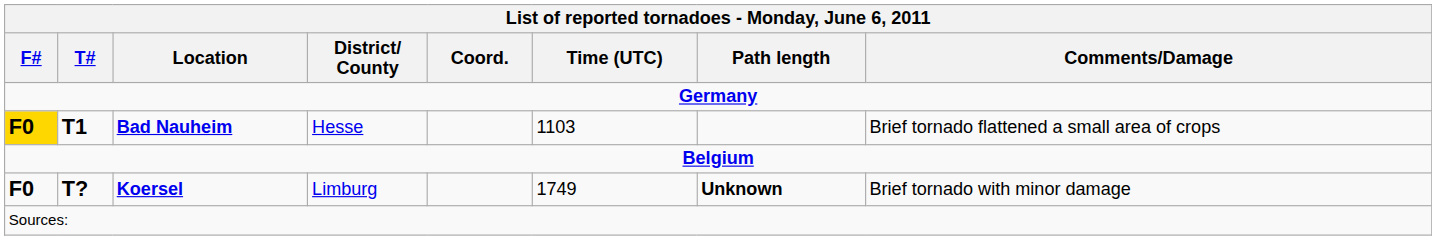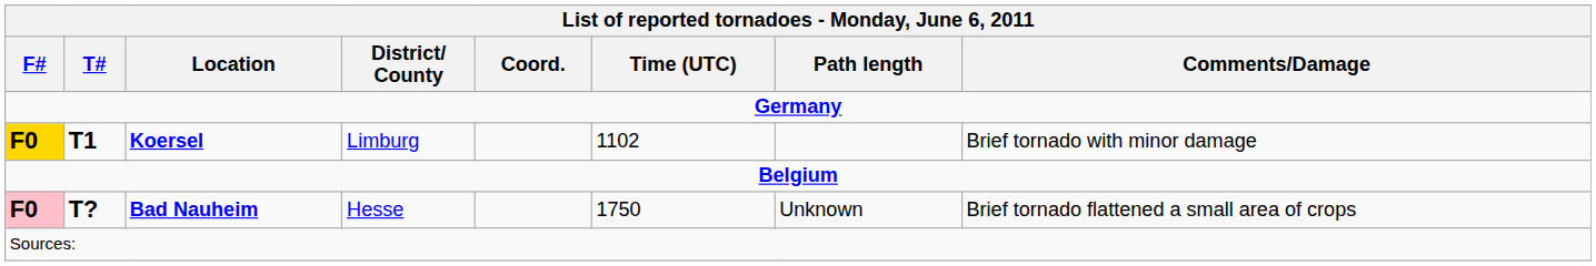 <table class="wikitable collapsible" width="100%">
 <tr>
 <th colspan="8">List of reported tornadoes - Monday, June 6, 2011</th>
 </tr>
 <tr>
 <th><a href='#'>F#</a></th>
 <th><a href='#'>T#</a></th>
 <th>Location</th>
 <th>District/<br>County</th>
 <th>Coord.</th>
 <th>Time (UTC)</th>
 <th>Path length</th>
 <th>Comments/Damage</th>
 </tr>
 <tr>
 <td colspan="8" align=center><strong><a href='#'>Germany</a></strong></td>
 </tr>
 <tr>
 <td style="background: gold;"><big><strong>F0</strong></big></td>
 <td><big><strong>T1</strong></big></td>
-<td><strong><a href='#'>Bad Nauheim</a></strong></td>
-<td><a href='#'>Hesse</a></td>
+<td><strong><a href='#'>Koersel</a></strong></td>
+<td><a href='#'>Limburg</a></td>
 <td></td>
-<td>1103</td>
+<td>1102</td>
 <td></td>
-<td>Brief tornado flattened a small area of crops</td>
+<td>Brief tornado with minor damage</td>
 </tr>
 <tr>
 <td colspan="8" align=center><strong><a href='#'>Belgium</a></strong></td>
 </tr>
 <tr>
-<td><big><strong>F0</strong></big></td>
+<td style="background: pink;"><big><strong>F0</strong></big></td>
 <td><big><strong>T?</strong></big></td>
-<td><strong><a href='#'>Koersel</a></strong></td>
-<td><a href='#'>Limburg</a></td>
+<td><strong><a href='#'>Bad Nauheim</a></strong></td>
+<td><a href='#'>Hesse</a></td>
 <td></td>
-<td>1749</td>
-<td><strong>Unknown</strong></td>
-<td>Brief tornado with minor damage</td>
+<td>1750</td>
+<td>Unknown</td>
+<td>Brief tornado flattened a small area of crops</td>
 </tr>
 <tr>
 <td colspan="8"><small>Sources:  </small></td>
 </tr>
 </table>
